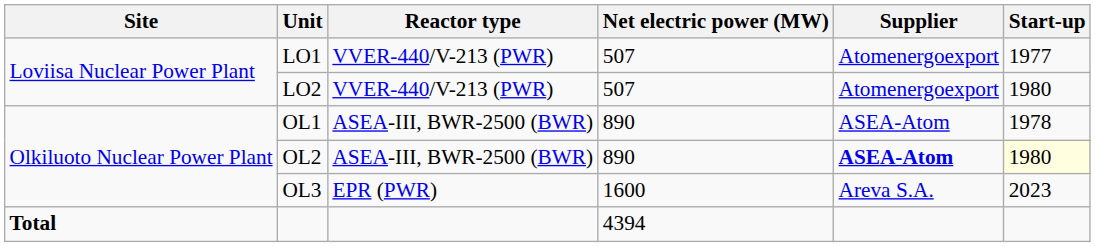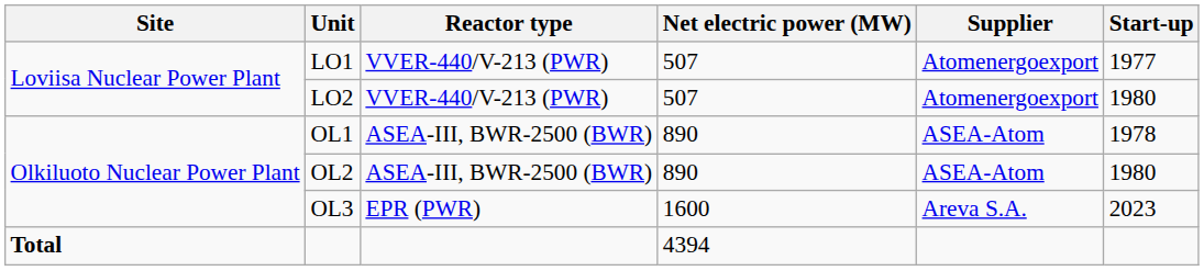 <table class="wikitable">
 <tr>
 <th>Site</th>
 <th>Unit</th>
 <th>Reactor type</th>
 <th>Net electric power (MW)</th>
 <th>Supplier</th>
 <th>Start-up</th>
 </tr>
 <tr>
 <td rowspan="2"><a href='#'>Loviisa Nuclear Power Plant</a></td>
 <td>LO1</td>
 <td><a href='#'>VVER-440</a>/V-213 (<a href='#'>PWR</a>)</td>
 <td>507</td>
 <td><a href='#'>Atomenergoexport</a></td>
 <td>1977</td>
 </tr>
 <tr>
 <td>LO2</td>
 <td><a href='#'>VVER-440</a>/V-213 (<a href='#'>PWR</a>)</td>
 <td>507</td>
 <td><a href='#'>Atomenergoexport</a></td>
 <td>1980</td>
 </tr>
 <tr>
 <td rowspan="3"><a href='#'>Olkiluoto Nuclear Power Plant</a></td>
 <td>OL1</td>
 <td><a href='#'>ASEA</a>-III, BWR-2500 (<a href='#'>BWR</a>)</td>
 <td>890</td>
 <td><a href='#'>ASEA-Atom</a></td>
 <td>1978</td>
 </tr>
 <tr>
 <td>OL2</td>
 <td><a href='#'>ASEA</a>-III, BWR-2500 (<a href='#'>BWR</a>)</td>
 <td>890</td>
-<td><strong><a href='#'>ASEA-Atom</a></strong></td>
-<td style="background: lightyellow;">1980</td>
+<td><a href='#'>ASEA-Atom</a></td>
+<td>1980</td>
 </tr>
 <tr>
 <td>OL3</td>
 <td><a href='#'>EPR</a> (<a href='#'>PWR</a>)</td>
 <td>1600</td>
 <td><a href='#'>Areva S.A.</a></td>
 <td>2023</td>
 </tr>
 <tr>
 <td><strong>Total</strong></td>
 <td></td>
 <td></td>
 <td>4394</td>
 <td></td>
 <td></td>
 </tr>
 </table>
